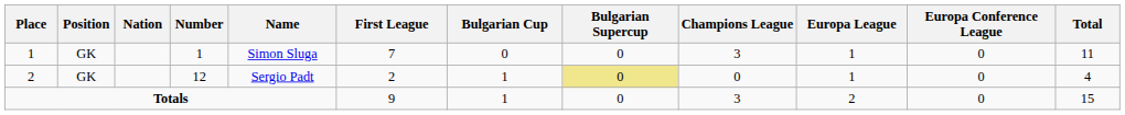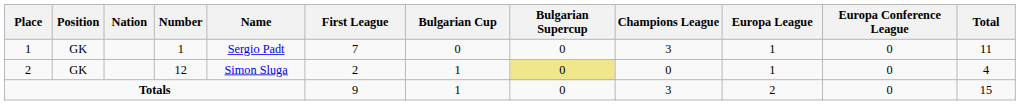 <table class="wikitable" style="font-size: 95%; text-align: center;">
 <tr>
 <th width=60>Place</th>
 <th width=60>Position</th>
 <th width=60>Nation</th>
 <th width=60>Number</th>
 <th width=150>Name</th>
 <th width=150>First League</th>
 <th width=150>Bulgarian Cup</th>
 <th width=150>Bulgarian Supercup</th>
 <th width=150>Champions League</th>
 <th width=150>Europa League</th>
 <th width=200>Europa Conference League</th>
 <th width=80>Total</th>
 </tr>
 <tr>
 <td>1</td>
 <td>GK</td>
 <td></td>
 <td>1</td>
-<td><a href='#'>Simon Sluga</a></td>
+<td><a href='#'>Sergio Padt</a></td>
 <td>7</td>
 <td>0</td>
 <td>0</td>
 <td>3</td>
 <td>1</td>
 <td>0</td>
 <td>11</td>
 </tr>
 <tr>
 <td>2</td>
 <td>GK</td>
 <td></td>
 <td>12</td>
-<td><a href='#'>Sergio Padt</a></td>
+<td><a href='#'>Simon Sluga</a></td>
 <td>2</td>
 <td>1</td>
 <td style="background: khaki;">0</td>
 <td>0</td>
 <td>1</td>
 <td>0</td>
 <td>4</td>
 </tr>
 <tr>
 <td colspan="5"><strong>Totals</strong></td>
 <td>9</td>
 <td>1</td>
 <td>0</td>
 <td>3</td>
 <td>2</td>
 <td>0</td>
 <td>15</td>
 </tr>
 </table>
